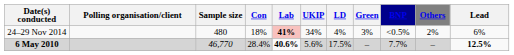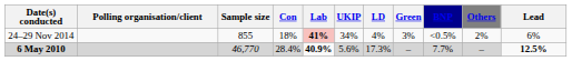 <table class="wikitable sortable" style="text-align:center;font-size:90%;line-height:14px">
 <tr>
 <th ! style="width:100px;">Date(s)<br>conducted</th>
 <th style="width:200px;">Polling organisation/client</th>
 <th class="unsortable" style="width:75px;">Sample size</th>
 <th class="unsortable" style="background:"><a href='#'><span>Con</span></a></th>
 <th class="unsortable" style="background:"><a href='#'><span>Lab</span></a></th>
 <th class="unsortable" style="background:"><a href='#'><span>UKIP</span></a></th>
 <th class="unsortable" style="background:"><a href='#'><span>LD</span></a></th>
 <th class="unsortable" style="background:"><a href='#'><span>Green</span></a></th>
 <th class="unsortable" style="background:#00008B; text-color:white; width:50px;"><a href='#'><span>BNP</span></a></th>
 <th class="unsortable" style="background:gray; width:50px;"><a href='#'><span>Others</span></a></th>
 <th class="unsortable" style="width:90px;">Lead</th>
 </tr>
 <tr>
 <td>24–29 Nov 2014</td>
 <td></td>
-<td>480</td>
+<td>855</td>
 <td>18%</td>
 <td style="background:#F8C1BE"><strong>41%</strong></td>
 <td>34%</td>
 <td>4%</td>
 <td>3%</td>
 <td><0.5%</td>
 <td>2%</td>
 <td style="background:">6%</td>
 </tr>
 <tr>
 <td style="background:#D5D5D5"><strong>6 May 2010</strong></td>
 <td style="background:#D5D5D5"></td>
 <td style="background:#D5D5D5"><em>46,770</em></td>
 <td style="background:#D5D5D5">28.4%</td>
-<td style="background:"><strong>40.6%</strong></td>
+<td style="background:"><strong>40.9%</strong></td>
 <td style="background:#D5D5D5">5.6%</td>
-<td style="background:#D5D5D5">17.5%</td>
+<td style="background:#D5D5D5">17.3%</td>
 <td style="background:#D5D5D5">–</td>
 <td style="background:#D5D5D5">7.7%</td>
 <td style="background:#D5D5D5">–</td>
 <td style="background:"><strong>12.5% </strong></td>
 </tr>
 </table>
